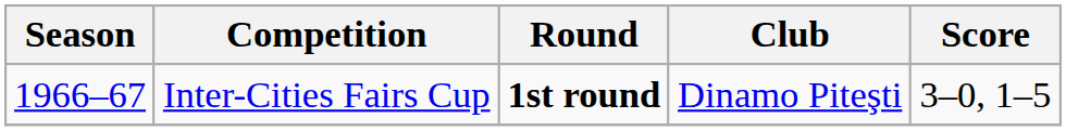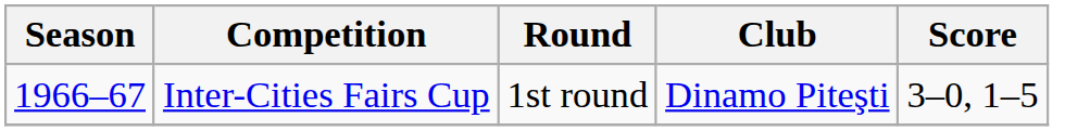 <table class="wikitable">
 <tr>
 <th>Season</th>
 <th>Competition</th>
 <th>Round</th>
 <th>Club</th>
 <th>Score</th>
 </tr>
 <tr>
 <td><a href='#'>1966–67</a></td>
 <td><a href='#'>Inter-Cities Fairs Cup</a></td>
-<td><strong>1st round</strong></td>
+<td>1st round</td>
 <td><a href='#'>Dinamo Piteşti</a></td>
 <td>3–0, 1–5</td>
 </tr>
 <tr>
 </tr>
 </table>
